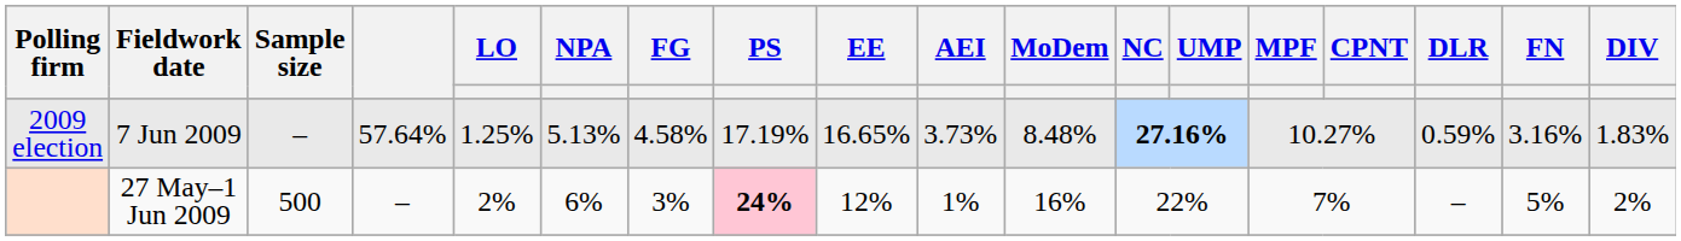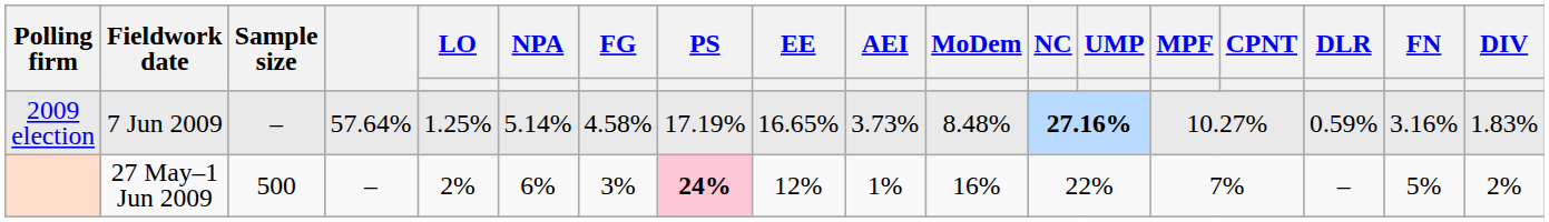 <table class="wikitable sortable" style="text-align:center;font-size:90%;line-height:14px;">
 <tr style="height:40px;">
 <th style="width:100px;" rowspan="2">Polling firm</th>
 <th style="width:110px;" rowspan="2">Fieldwork date</th>
 <th style="width:35px;" rowspan="2">Sample<br>size</th>
 <th style="width:30px;" rowspan="2"></th>
 <th class="unsortable" style="width:40px;"><a href='#'>LO</a></th>
 <th class="unsortable" style="width:40px;"><a href='#'>NPA</a></th>
 <th class="unsortable" style="width:40px;"><a href='#'>FG</a></th>
 <th class="unsortable" style="width:40px;"><a href='#'>PS</a></th>
 <th class="unsortable" style="width:40px;"><a href='#'>EE</a></th>
 <th class="unsortable" style="width:40px;"><a href='#'>AEI</a></th>
 <th class="unsortable" style="width:40px;"><a href='#'>MoDem</a></th>
 <th class="unsortable" style="width:40px;"><a href='#'>NC</a></th>
 <th class="unsortable" style="width:40px;"><a href='#'>UMP</a></th>
 <th class="unsortable" style="width:40px;"><a href='#'>MPF</a></th>
 <th class="unsortable" style="width:40px;"><a href='#'>CPNT</a></th>
 <th class="unsortable" style="width:40px;"><a href='#'>DLR</a></th>
 <th class="unsortable" style="width:40px;"><a href='#'>FN</a></th>
 <th class="unsortable" style="width:40px;"><a href='#'>DIV</a></th>
 </tr>
 <tr>
 <th style="background:"></th>
 <th style="background:"></th>
 <th style="background:"></th>
 <th style="background:"></th>
 <th style="background:"></th>
 <th style="background:"></th>
 <th style="background:"></th>
 <th style="background:"></th>
 <th style="background:"></th>
 <th style="background:"></th>
 <th style="background:"></th>
 <th style="background:"></th>
 <th style="background:"></th>
 <th style="background:"></th>
 </tr>
 <tr style="background:#E9E9E9;">
 <td><a href='#'>2009 election</a></td>
 <td data-sort-value="2009-06-07">7 Jun 2009</td>
 <td>–</td>
 <td>57.64%</td>
 <td>1.25%</td>
-<td>5.13%</td>
+<td>5.14%</td>
 <td>4.58%</td>
 <td>17.19%</td>
 <td>16.65%</td>
 <td>3.73%</td>
 <td>8.48%</td>
 <td style="background:#B9DAFF;" colspan="2"><strong>27.16%</strong></td>
 <td colspan="2">10.27%</td>
 <td>0.59%</td>
 <td>3.16%</td>
 <td>1.83%</td>
 </tr>
 <tr>
 <td style="background:#FFDFCC;"></td>
 <td data-sort-value="2009-06-01">27 May–1 Jun 2009</td>
 <td>500</td>
 <td>–</td>
 <td>2%</td>
 <td>6%</td>
 <td>3%</td>
 <td style="background:#FFC6D5;"><strong>24%</strong></td>
 <td>12%</td>
 <td>1%</td>
 <td>16%</td>
 <td colspan="2">22%</td>
 <td colspan="2">7%</td>
 <td>–</td>
 <td>5%</td>
 <td>2%</td>
 </tr>
 </table>
